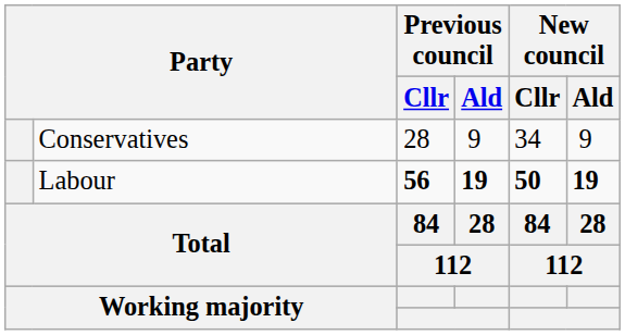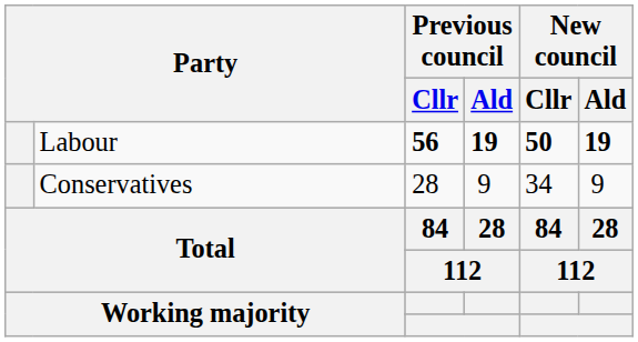 <table class="wikitable">
 <tr>
 <th colspan="2" rowspan="2" style="width: 230px">Party</th>
 <th valign=top colspan="2" style="width: 30px">Previous council</th>
 <th valign=top colspan="2" style="width: 30px">New council</th>
 </tr>
 <tr>
 <th><a href='#'>Cllr</a></th>
 <th><a href='#'>Ald</a></th>
 <th>Cllr</th>
 <th>Ald</th>
 </tr>
 <tr>
 <th style="background-color: "></th>
+<td>Labour</td>
+<td><strong>56</strong></td>
+<td><strong>19</strong></td>
+<td><strong>50</strong></td>
+<td><strong>19</strong></td>
+</tr>
+<tr>
+<th style="background-color: "></th>
 <td>Conservatives</td>
 <td>28</td>
 <td> 9</td>
 <td>34</td>
 <td> 9</td>
-</tr>
-<tr>
-<th style="background-color: "></th>
-<td>Labour</td>
-<td><strong>56</strong></td>
-<td><strong>19</strong></td>
-<td><strong>50</strong></td>
-<td><strong>19</strong></td>
 </tr>
 <tr>
 <th colspan="2" rowspan="2">Total</th>
 <th style="text-align: center">84</th>
 <th style="text-align: center">28</th>
 <th style="text-align: center">84</th>
 <th style="text-align: center">28</th>
 </tr>
 <tr>
 <th colspan="2" style="text-align: center">112</th>
 <th colspan="2" style="text-align: center">112</th>
 </tr>
 <tr>
 <th colspan="2" rowspan="2">Working majority</th>
 <th></th>
 <th></th>
 <th></th>
 <th></th>
 </tr>
 <tr>
 <th colspan="2"></th>
 <th colspan="2"></th>
 </tr>
 </table>
